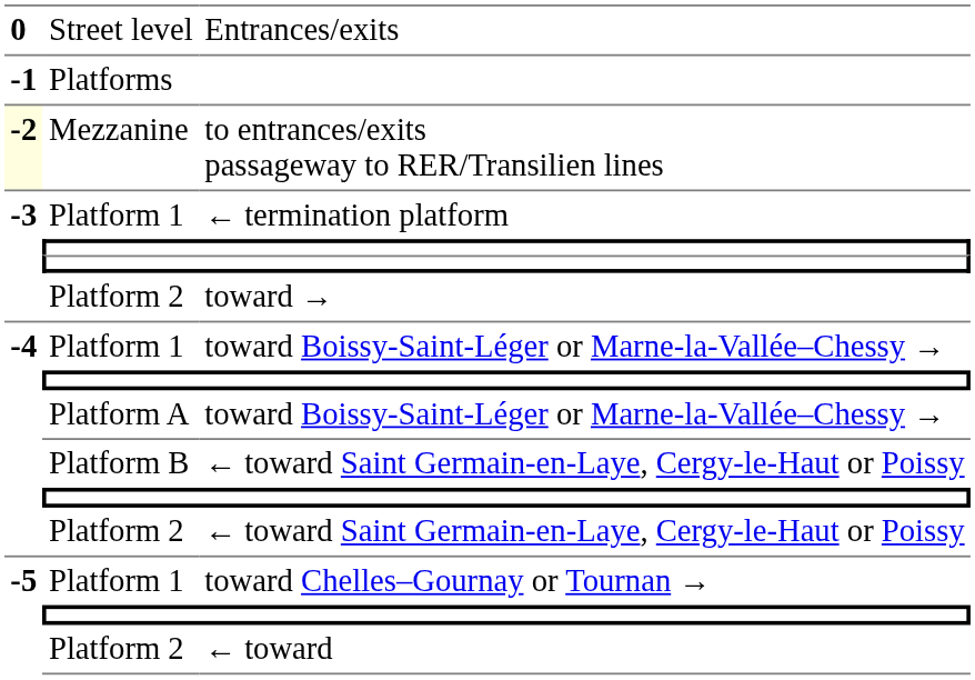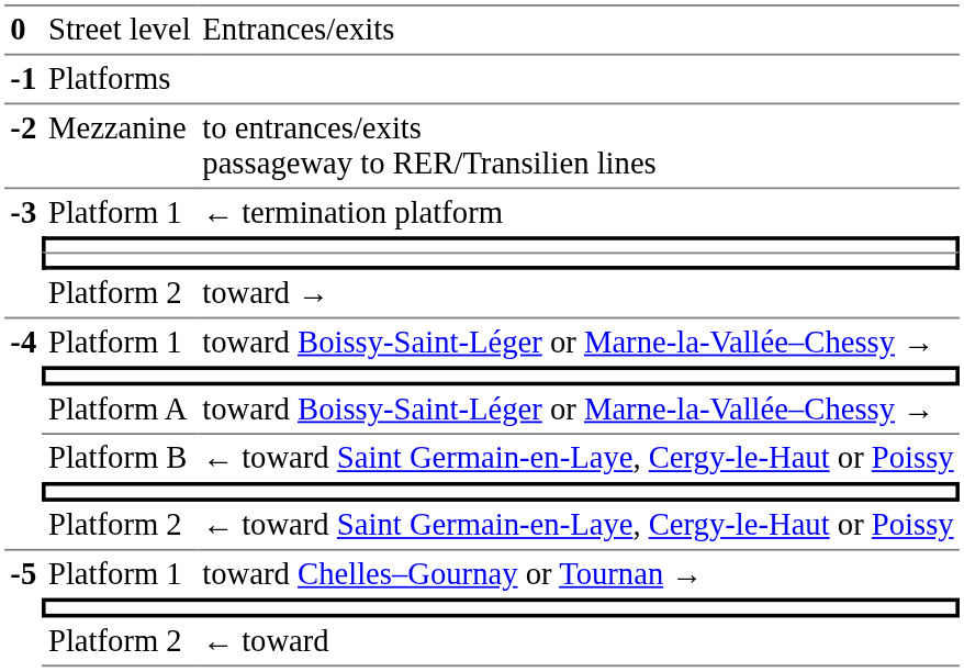 <table border=0 cellspacing=0 cellpadding=3>
 <tr>
 <td style="border-top:solid 1px gray" valign=top><strong>0</strong></td>
 <td style="border-top:solid 1px gray" valign=top>Street level</td>
 <td style="border-top:solid 1px gray" valign=top>Entrances/exits</td>
 </tr>
 <tr>
 <td style="border-top:solid 1px gray" valign=top><strong>-1</strong></td>
 <td style="border-top:solid 1px gray" valign=top>Platforms</td>
 <td style="border-top:solid 1px gray" valign=top>    </td>
 </tr>
 <tr>
-<td style="background: lightyellow; border-top:solid 1px gray" valign=top><strong>-2</strong></td>
+<td style="border-top:solid 1px gray" valign=top><strong>-2</strong></td>
 <td style="border-top:solid 1px gray" valign=top>Mezzanine</td>
 <td style="border-top:solid 1px gray" valign=top>to entrances/exits<br>passageway to RER/Transilien lines</td>
 </tr>
 <tr>
 <td style="border-top:solid 1px gray" rowspan=4 valign=top><strong>-3</strong></td>
 <td style="border-top:solid 1px gray">Platform 1</td>
 <td style="border-top:solid 1px gray">←   termination platform</td>
 </tr>
 <tr>
 <td style="border-top:solid 2px black;border-right:solid 2px black;border-left:solid 2px black;text-align:center" colspan=2></td>
 </tr>
 <tr>
 <td style="border-top:solid 1px gray;border-right:solid 2px black;border-left:solid 2px black;border-bottom:solid 2px black;text-align:center" colspan=2></td>
 </tr>
 <tr>
 <td>Platform 2</td>
 <td>   toward   →</td>
 </tr>
 <tr>
 <td style="border-top:solid 1px gray" rowspan=6 valign=top><strong>-4</strong></td>
 <td style="border-top:solid 1px gray">Platform 1</td>
 <td style="border-top:solid 1px gray" valign=top>   toward <a href='#'>Boissy-Saint-Léger</a> or <a href='#'>Marne-la-Vallée–Chessy</a>  →</td>
 </tr>
 <tr>
 <td style="border-top:solid 2px black;border-right:solid 2px black;border-left:solid 2px black;border-bottom:solid 2px black;text-align:center" colspan=2></td>
 </tr>
 <tr>
 <td style="border-bottom:solid 1px gray">Platform A</td>
 <td style="border-bottom:solid 1px gray" valign=top>   toward <a href='#'>Boissy-Saint-Léger</a> or <a href='#'>Marne-la-Vallée–Chessy</a>  →</td>
 </tr>
 <tr>
 <td>Platform B</td>
 <td>←   toward <a href='#'>Saint Germain-en-Laye</a>, <a href='#'>Cergy-le-Haut</a> or <a href='#'>Poissy</a> </td>
 </tr>
 <tr>
 <td style="border-top:solid 2px black;border-right:solid 2px black;border-left:solid 2px black;border-bottom:solid 2px black;text-align:center" colspan=2></td>
 </tr>
 <tr>
 <td>Platform 2</td>
 <td>←   toward <a href='#'>Saint Germain-en-Laye</a>, <a href='#'>Cergy-le-Haut</a> or <a href='#'>Poissy</a> </td>
 </tr>
 <tr>
 <td style="border-top:solid 1px gray" rowspan=3 valign=top><strong>-5</strong></td>
 <td style="border-top:solid 1px gray">Platform 1</td>
 <td style="border-top:solid 1px gray">   toward <a href='#'>Chelles–Gournay</a> or <a href='#'>Tournan</a>  →</td>
 </tr>
 <tr>
 <td style="border-top:solid 2px black;border-right:solid 2px black;border-left:solid 2px black;border-bottom:solid 2px black;text-align:center" colspan=2></td>
 </tr>
 <tr>
 <td style="border-bottom:solid 1px gray">Platform 2</td>
 <td style="border-bottom:solid 1px gray">←   toward  </td>
 </tr>
 </table>
